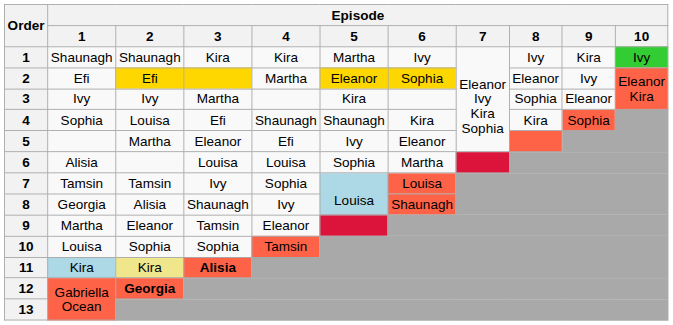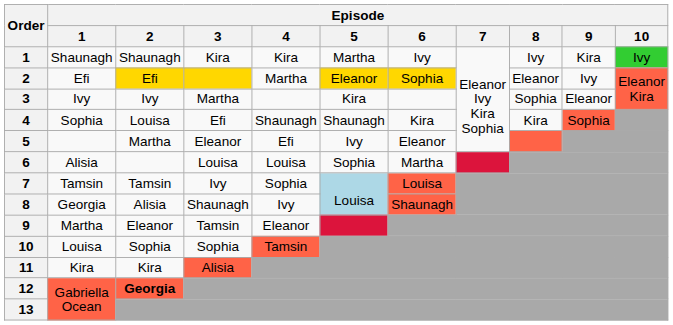 <table class="wikitable" style="text-align:center; font-size:92%">
 <tr>
 <th rowspan=2>Order</th>
 <th colspan=11>Episode</th>
 </tr>
 <tr>
 <th>1</th>
 <th>2</th>
 <th>3</th>
 <th>4</th>
 <th>5</th>
 <th>6</th>
 <th>7</th>
 <th>8</th>
 <th>9</th>
 <th>10</th>
 </tr>
 <tr>
 <th>1</th>
 <td>Shaunagh</td>
 <td>Shaunagh</td>
 <td>Kira</td>
 <td>Kira</td>
 <td>Martha</td>
 <td>Ivy</td>
 <td rowspan="5"> <br>Eleanor<br>Ivy<br>Kira<br>Sophia</td>
 <td>Ivy</td>
 <td>Kira</td>
 <td bgcolor="limegreen">Ivy</td>
 </tr>
 <tr>
 <th>2</th>
 <td>Efi</td>
 <td bgcolor="Gold">Efi</td>
 <td bgcolor="Gold"></td>
 <td>Martha</td>
 <td bgcolor="Gold">Eleanor</td>
 <td bgcolor="Gold">Sophia</td>
 <td>Eleanor</td>
 <td>Ivy</td>
 <td rowspan="2" bgcolor="tomato">Eleanor <br> Kira</td>
 </tr>
 <tr>
 <th>3</th>
 <td>Ivy</td>
 <td>Ivy</td>
 <td>Martha</td>
 <td></td>
 <td>Kira</td>
 <td></td>
 <td>Sophia</td>
 <td>Eleanor</td>
 </tr>
 <tr>
 <th>4</th>
 <td>Sophia</td>
 <td>Louisa</td>
 <td>Efi</td>
 <td>Shaunagh</td>
 <td>Shaunagh</td>
 <td>Kira</td>
 <td>Kira</td>
 <td bgcolor="tomato">Sophia</td>
 <td bgcolor="darkgray" colspan=1></td>
 </tr>
 <tr>
 <th>5</th>
 <td></td>
 <td>Martha</td>
 <td>Eleanor</td>
 <td>Efi</td>
 <td>Ivy</td>
 <td>Eleanor</td>
 <td bgcolor="tomato"></td>
 <td bgcolor="darkgray" colspan=2></td>
 </tr>
 <tr>
 <th>6</th>
 <td>Alisia</td>
 <td></td>
 <td>Louisa</td>
 <td>Louisa</td>
 <td>Sophia</td>
 <td>Martha</td>
 <td bgcolor="crimson"></td>
 <td bgcolor="darkgray" colspan=3></td>
 </tr>
 <tr>
 <th>7</th>
 <td>Tamsin</td>
 <td>Tamsin</td>
 <td>Ivy</td>
 <td>Sophia</td>
 <td rowspan="2" bgcolor="lightblue"><br>Louisa</td>
 <td bgcolor="tomato">Louisa</td>
 <td bgcolor="darkgray" rowspan=2 colspan=4></td>
 </tr>
 <tr>
 <th>8</th>
 <td>Georgia</td>
 <td>Alisia</td>
 <td>Shaunagh</td>
 <td>Ivy</td>
 <td bgcolor="tomato">Shaunagh</td>
 </tr>
 <tr>
 <th>9</th>
 <td>Martha</td>
 <td>Eleanor</td>
 <td>Tamsin</td>
 <td>Eleanor</td>
 <td bgcolor="crimson"></td>
 <td bgcolor="darkgray" colspan=5></td>
 </tr>
 <tr>
 <th>10</th>
 <td>Louisa</td>
 <td>Sophia</td>
 <td>Sophia</td>
 <td bgcolor="tomato">Tamsin</td>
 <td bgcolor="darkgray" colspan=6></td>
 </tr>
 <tr>
 <th>11</th>
-<td style="background: lightblue;">Kira</td>
-<td style="background: khaki;">Kira</td>
-<td bgcolor="tomato"><strong>Alisia</strong></td>
+<td>Kira</td>
+<td>Kira</td>
+<td bgcolor="tomato">Alisia</td>
 <td bgcolor="darkgray" colspan=7></td>
 </tr>
 <tr>
 <th>12</th>
 <td rowspan=2 bgcolor="tomato">Gabriella<br>Ocean</td>
 <td bgcolor="tomato"><strong>Georgia</strong></td>
 <td bgcolor="darkgray" colspan=8></td>
 </tr>
 <tr>
 <th>13</th>
 <td bgcolor="darkgray" colspan=9></td>
 </tr>
 </table>
